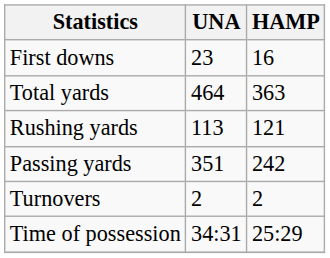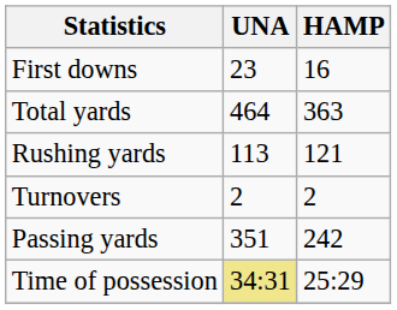 <table class="wikitable" style="float: left;">
 <tr>
 <th>Statistics</th>
 <th>UNA</th>
 <th>HAMP</th>
 </tr>
 <tr>
 <td>First downs</td>
 <td>23</td>
 <td>16</td>
 </tr>
 <tr>
 <td>Total yards</td>
 <td>464</td>
 <td>363</td>
 </tr>
 <tr>
 <td>Rushing yards</td>
 <td>113</td>
 <td>121</td>
 </tr>
 <tr>
+<td>Turnovers</td>
+<td>2</td>
+<td>2</td>
+</tr>
+<tr>
 <td>Passing yards</td>
 <td>351</td>
 <td>242</td>
 </tr>
 <tr>
-<td>Turnovers</td>
-<td>2</td>
-<td>2</td>
-</tr>
-<tr>
 <td>Time of possession</td>
-<td>34:31</td>
+<td style="background: khaki;">34:31</td>
 <td>25:29</td>
 </tr>
 <tr>
 </tr>
 </table>
